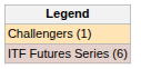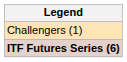 <table class="wikitable">
 <tr>
 <th>Legend</th>
 </tr>
 <tr bgcolor="moccasin">
 <td>Challengers (1)</td>
 </tr>
 <tr bgcolor="#e5d1cb">
-<td>ITF Futures Series (6)</td>
+<td><strong>ITF Futures Series (6)</strong></td>
 </tr>
 </table>
